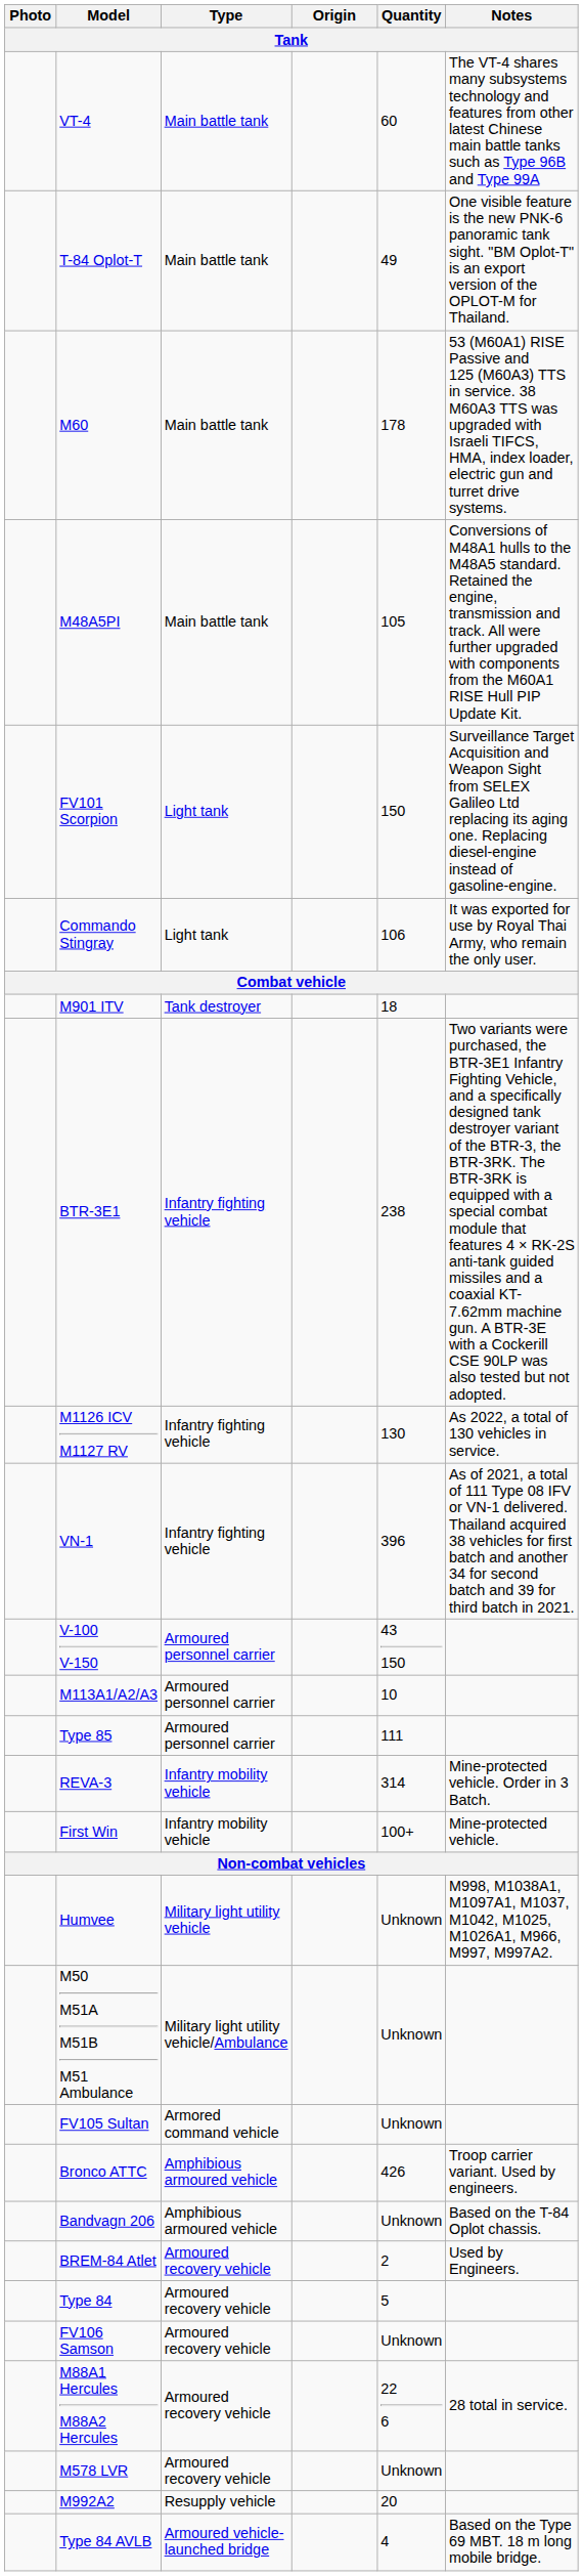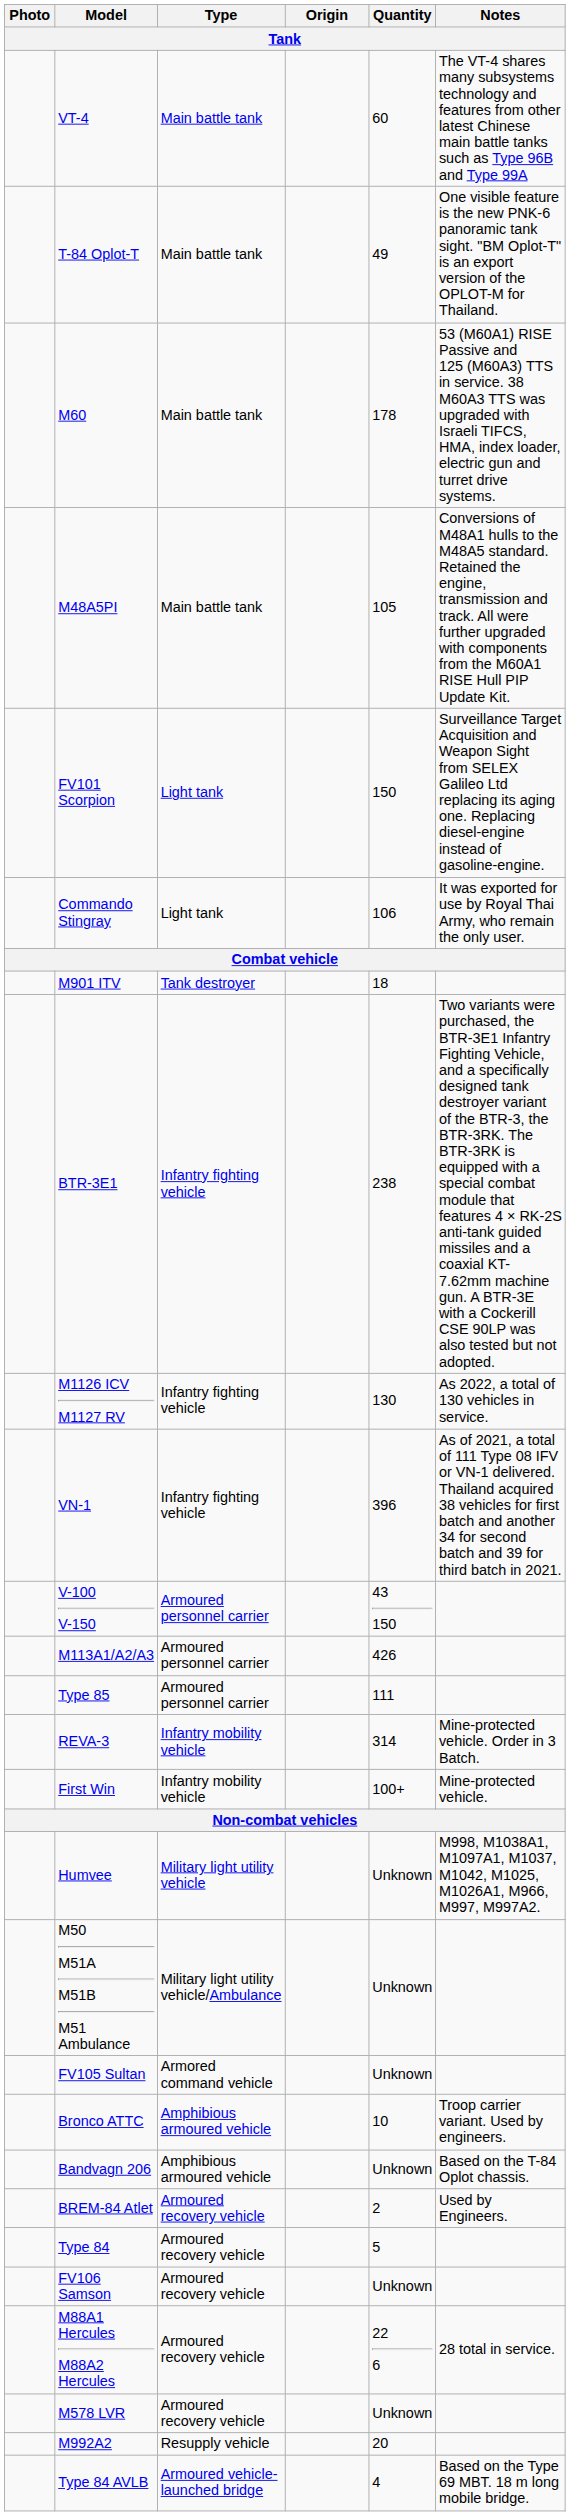 <table class="wikitable" style="width:100%;">
 <tr>
 <th style="width:9%;">Photo</th>
 <th style="width:15%;">Model</th>
 <th style="width:15%;">Type</th>
 <th style="width:15%;">Origin</th>
 <th style="width:5%;">Quantity</th>
 <th>Notes</th>
 </tr>
 <tr>
 <th style="align: centre;" colspan="7"><a href='#'>Tank</a></th>
 </tr>
 <tr>
 <td></td>
 <td><a href='#'>VT-4</a></td>
 <td><a href='#'>Main battle tank</a></td>
 <td></td>
 <td>60</td>
 <td>The VT-4 shares many subsystems technology and features from other latest Chinese main battle tanks such as <a href='#'>Type 96B</a> and <a href='#'>Type 99A</a></td>
 </tr>
 <tr>
 <td></td>
 <td><a href='#'>T-84 Oplot-T</a></td>
 <td>Main battle tank</td>
 <td></td>
 <td>49</td>
 <td>One visible feature is the new PNK-6 panoramic tank sight. "BM Oplot-T" is an export version of the OPLOT-M for Thailand.</td>
 </tr>
 <tr>
 <td></td>
 <td><a href='#'>M60</a></td>
 <td>Main battle tank</td>
 <td></td>
 <td>178</td>
 <td>53 (M60A1) RISE Passive and<br>125 (M60A3) TTS in service. 38 M60A3 TTS was upgraded with Israeli TIFCS, HMA, index loader, electric gun and turret drive systems.</td>
 </tr>
 <tr>
 <td></td>
 <td><a href='#'>M48A5PI</a></td>
 <td>Main battle tank</td>
 <td></td>
 <td>105</td>
 <td>Conversions of M48A1 hulls to the M48A5 standard. Retained the engine, transmission and track. All were further upgraded with components from the M60A1 RISE Hull PIP Update Kit.</td>
 </tr>
 <tr>
 <td></td>
 <td><a href='#'>FV101 Scorpion</a></td>
 <td><a href='#'>Light tank</a></td>
 <td></td>
 <td>150</td>
 <td>Surveillance Target Acquisition and Weapon Sight from SELEX Galileo Ltd replacing its aging one. Replacing diesel-engine instead of gasoline-engine.</td>
 </tr>
 <tr>
 <td></td>
 <td><a href='#'>Commando Stingray</a></td>
 <td>Light tank</td>
 <td></td>
 <td>106</td>
 <td>It was exported for use by Royal Thai Army, who remain the only user.</td>
 </tr>
 <tr>
 <th style="align: centre;" colspan="7"><a href='#'>Combat vehicle</a></th>
 </tr>
 <tr>
 <td></td>
 <td><a href='#'>M901 ITV</a></td>
 <td><a href='#'>Tank destroyer</a></td>
 <td></td>
 <td>18</td>
 <td></td>
 </tr>
 <tr>
 <td></td>
 <td><a href='#'>BTR-3E1</a></td>
 <td><a href='#'>Infantry fighting vehicle</a></td>
 <td><br></td>
 <td>238</td>
 <td>Two variants were purchased, the BTR-3E1 Infantry Fighting Vehicle, and a specifically designed tank destroyer variant of the BTR-3, the BTR-3RK. The BTR-3RK is equipped with a special combat module that features 4 × RK-2S anti-tank guided missiles and a coaxial KT-7.62mm machine gun. A BTR-3E with a Cockerill CSE 90LP was also tested but not adopted.</td>
 </tr>
 <tr>
 <td></td>
 <td><a href='#'>M1126 ICV</a><hr><a href='#'>M1127 RV</a></td>
 <td>Infantry fighting vehicle</td>
 <td><br></td>
 <td>130</td>
 <td>As 2022, a total of 130 vehicles in service.</td>
 </tr>
 <tr>
 <td></td>
 <td><a href='#'>VN-1</a></td>
 <td>Infantry fighting vehicle</td>
 <td></td>
 <td>396</td>
 <td>As of 2021, a total of 111 Type 08 IFV or VN-1 delivered. Thailand acquired 38 vehicles for first batch and another 34 for second batch and 39 for third batch in 2021.</td>
 </tr>
 <tr>
 <td></td>
 <td><a href='#'>V-100</a><hr><a href='#'>V-150</a></td>
 <td><a href='#'>Armoured personnel carrier</a></td>
 <td></td>
 <td>43<hr>150</td>
 <td></td>
 </tr>
 <tr>
 <td></td>
 <td><a href='#'>M113A1/A2/A3</a></td>
 <td>Armoured personnel carrier</td>
 <td></td>
-<td>10</td>
+<td>426</td>
 <td></td>
 </tr>
 <tr>
 <td></td>
 <td><a href='#'>Type 85</a></td>
 <td>Armoured personnel carrier</td>
 <td></td>
 <td>111</td>
 <td></td>
 </tr>
 <tr>
 <td></td>
 <td><a href='#'>REVA-3</a></td>
 <td><a href='#'>Infantry mobility vehicle</a></td>
 <td></td>
 <td>314</td>
 <td>Mine-protected vehicle. Order in 3 Batch.</td>
 </tr>
 <tr>
 <td></td>
 <td><a href='#'>First Win</a></td>
 <td>Infantry mobility vehicle</td>
 <td></td>
 <td>100+</td>
 <td>Mine-protected vehicle.</td>
 </tr>
 <tr>
 <th style="align: centre;" colspan="7"><a href='#'>Non-combat vehicles</a></th>
 </tr>
 <tr>
 <td></td>
 <td><a href='#'>Humvee</a></td>
 <td><a href='#'>Military light utility vehicle</a></td>
 <td></td>
 <td>Unknown</td>
 <td>M998, M1038A1, M1097A1, M1037, M1042, M1025, M1026A1, M966, M997, M997A2.</td>
 </tr>
 <tr>
 <td></td>
 <td>M50<hr>M51A<hr>M51B<hr>M51 Ambulance</td>
 <td>Military light utility vehicle/<a href='#'>Ambulance</a></td>
 <td></td>
 <td>Unknown</td>
 <td></td>
 </tr>
 <tr>
 <td></td>
 <td><a href='#'>FV105 Sultan</a></td>
 <td>Armored command vehicle</td>
 <td></td>
 <td>Unknown</td>
 <td></td>
 </tr>
 <tr>
 <td></td>
 <td><a href='#'>Bronco ATTC</a></td>
 <td><a href='#'>Amphibious armoured vehicle</a></td>
 <td></td>
-<td>426</td>
+<td>10</td>
 <td>Troop carrier variant. Used by engineers.</td>
 </tr>
 <tr>
 <td></td>
 <td><a href='#'>Bandvagn 206</a></td>
 <td>Amphibious armoured vehicle</td>
 <td></td>
 <td>Unknown</td>
 <td>Based on the T-84 Oplot chassis.</td>
 </tr>
 <tr>
 <td></td>
 <td><a href='#'>BREM-84 Atlet</a></td>
 <td><a href='#'>Armoured recovery vehicle</a></td>
 <td></td>
 <td>2</td>
 <td>Used by Engineers.</td>
 </tr>
 <tr>
 <td></td>
 <td><a href='#'>Type 84</a></td>
 <td>Armoured recovery vehicle</td>
 <td></td>
 <td>5</td>
 <td></td>
 </tr>
 <tr>
 <td></td>
 <td><a href='#'>FV106 Samson</a></td>
 <td>Armoured recovery vehicle</td>
 <td></td>
 <td>Unknown</td>
 <td></td>
 </tr>
 <tr>
 <td></td>
 <td><a href='#'>M88A1 Hercules</a><hr><a href='#'>M88A2 Hercules</a></td>
 <td>Armoured recovery vehicle</td>
 <td></td>
 <td>22<hr>6</td>
 <td>28 total in service. </td>
 </tr>
 <tr>
 <td></td>
 <td><a href='#'>M578 LVR</a></td>
 <td>Armoured recovery vehicle</td>
 <td></td>
 <td>Unknown</td>
 <td></td>
 </tr>
 <tr>
 <td></td>
 <td><a href='#'>M992A2</a></td>
 <td>Resupply vehicle</td>
 <td></td>
 <td>20</td>
 <td></td>
 </tr>
 <tr>
 <td></td>
 <td><a href='#'>Type 84 AVLB</a></td>
 <td><a href='#'>Armoured vehicle-launched bridge</a></td>
 <td></td>
 <td>4</td>
 <td>Based on the Type 69 MBT. 18 m long mobile bridge.</td>
 </tr>
 </table>
